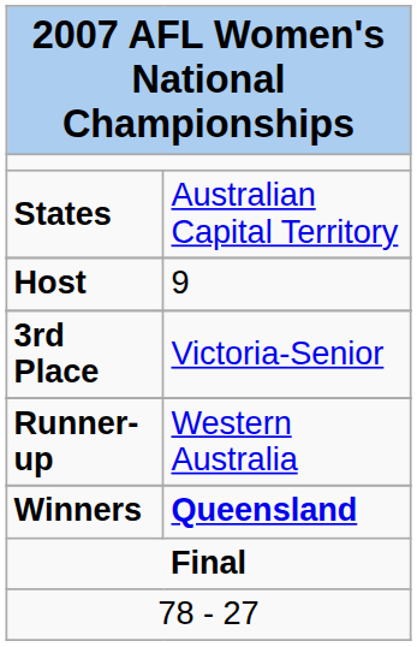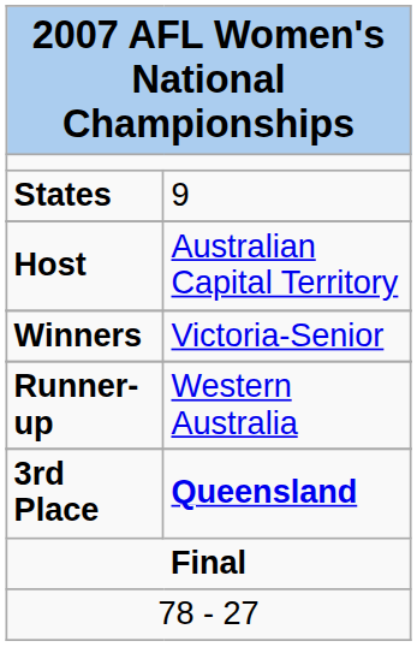 <table class="wikitable" align="right" width="200" style="margin-left:0.3em">
 <tr>
 <th style="background:#ABCDEF" align="center" colspan="2"><big>2007 AFL Women's National Championships</big></th>
 </tr>
 <tr>
 <td colspan="2" style="text-align: center;"></td>
 </tr>
 <tr>
 <td><strong>States</strong></td>
+<td>9</td>
+</tr>
+<tr style="text-align:center;">
+</tr>
+<tr>
+<td><strong>Host</strong></td>
 <td><a href='#'>Australian Capital Territory</a></td>
 </tr>
 <tr style="text-align:center;">
 </tr>
 <tr>
-<td><strong>Host</strong></td>
-<td>9</td>
-</tr>
-<tr style="text-align:center;">
-</tr>
-<tr>
-<td><strong>3rd Place</strong></td>
+<td><strong>Winners</strong></td>
 <td><a href='#'>Victoria-Senior</a></td>
 </tr>
 <tr style="text-align:center;">
 </tr>
 <tr>
 <td><strong>Runner-up</strong></td>
 <td><a href='#'>Western Australia</a></td>
 </tr>
 <tr style="text-align:center;">
 </tr>
 <tr>
-<td><strong>Winners</strong></td>
+<td><strong>3rd Place</strong></td>
 <td><strong><a href='#'>Queensland</a></strong></td>
 </tr>
 <tr style="text-align:center;">
 <td colspan="2"><strong>Final</strong></td>
 </tr>
 <tr style="text-align:center;">
 <td colspan="2">78 - 27</td>
 </tr>
 </table>
